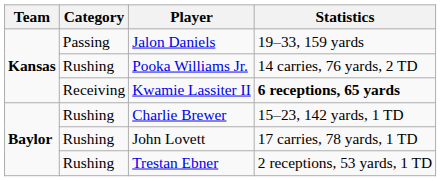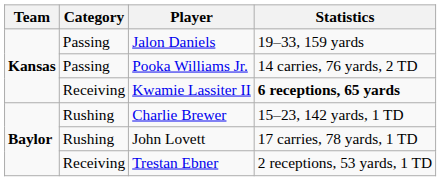 <table class="wikitable" style="float: right;">
 <tr>
 <th>Team</th>
 <th>Category</th>
 <th>Player</th>
 <th>Statistics</th>
 </tr>
 <tr>
 <td rowspan=3><strong>Kansas</strong></td>
 <td>Passing</td>
 <td><a href='#'>Jalon Daniels</a></td>
 <td>19–33, 159 yards</td>
 </tr>
 <tr>
-<td>Rushing</td>
+<td>Passing</td>
 <td><a href='#'>Pooka Williams Jr.</a></td>
 <td>14 carries, 76 yards, 2 TD</td>
 </tr>
 <tr>
 <td>Receiving</td>
 <td><a href='#'>Kwamie Lassiter II</a></td>
 <td><strong>6 receptions, 65 yards</strong></td>
 </tr>
 <tr>
 <td rowspan=3><strong>Baylor</strong></td>
 <td>Rushing</td>
 <td><a href='#'>Charlie Brewer</a></td>
 <td>15–23, 142 yards, 1 TD</td>
 </tr>
 <tr>
 <td>Rushing</td>
 <td>John Lovett</td>
 <td>17 carries, 78 yards, 1 TD</td>
 </tr>
 <tr>
-<td>Rushing</td>
+<td>Receiving</td>
 <td><a href='#'>Trestan Ebner</a></td>
 <td>2 receptions, 53 yards, 1 TD</td>
 </tr>
 </table>
